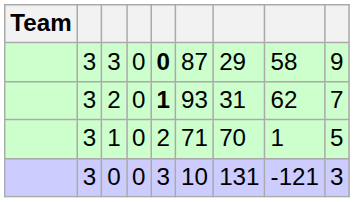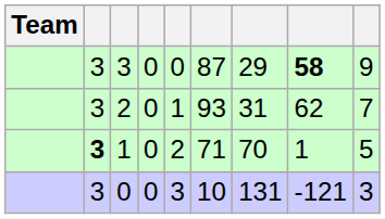 <table class="wikitable">
 <tr>
 <th>Team</th>
 <th></th>
 <th></th>
 <th></th>
 <th></th>
 <th></th>
 <th></th>
 <th></th>
 <th></th>
 </tr>
 <tr bgcolor="ccffcc">
 <td align="left"></td>
 <td>3</td>
 <td>3</td>
 <td>0</td>
-<td><strong>0</strong></td>
+<td>0</td>
 <td>87</td>
 <td>29</td>
-<td>58</td>
+<td><strong>58</strong></td>
 <td>9</td>
 </tr>
 <tr bgcolor="ccffcc">
 <td align="left"></td>
 <td>3</td>
 <td>2</td>
 <td>0</td>
-<td><strong>1</strong></td>
+<td>1</td>
 <td>93</td>
 <td>31</td>
 <td>62</td>
 <td>7</td>
 </tr>
 <tr bgcolor="ccffcc">
 <td align="left"></td>
-<td>3</td>
+<td><strong>3</strong></td>
 <td>1</td>
 <td>0</td>
 <td>2</td>
 <td>71</td>
 <td>70</td>
 <td>1</td>
 <td>5</td>
 </tr>
 <tr bgcolor="ccccff">
 <td align="left"></td>
 <td>3</td>
 <td>0</td>
 <td>0</td>
 <td>3</td>
 <td>10</td>
 <td>131</td>
 <td>-121</td>
 <td>3</td>
 </tr>
 </table>
